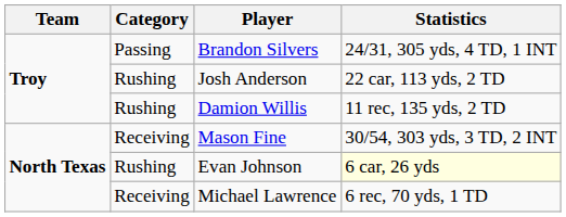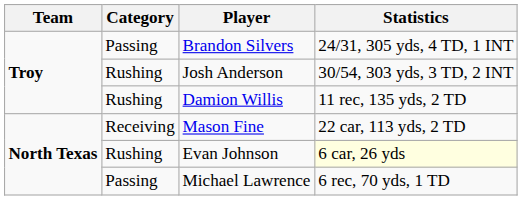 <table class="wikitable">
 <tr>
 <th>Team</th>
 <th>Category</th>
 <th>Player</th>
 <th>Statistics</th>
 </tr>
 <tr>
 <td rowspan=3><strong>Troy</strong></td>
 <td>Passing</td>
 <td><a href='#'>Brandon Silvers</a></td>
 <td>24/31, 305 yds, 4 TD, 1 INT</td>
 </tr>
 <tr>
 <td>Rushing</td>
 <td>Josh Anderson</td>
-<td>22 car, 113 yds, 2 TD</td>
+<td>30/54, 303 yds, 3 TD, 2 INT</td>
 </tr>
 <tr>
 <td>Rushing</td>
 <td><a href='#'>Damion Willis</a></td>
 <td>11 rec, 135 yds, 2 TD</td>
 </tr>
 <tr>
 <td rowspan=3><strong>North Texas</strong></td>
 <td>Receiving</td>
 <td><a href='#'>Mason Fine</a></td>
-<td>30/54, 303 yds, 3 TD, 2 INT</td>
+<td>22 car, 113 yds, 2 TD</td>
 </tr>
 <tr>
 <td>Rushing</td>
 <td>Evan Johnson</td>
 <td style="background: lightyellow;">6 car, 26 yds</td>
 </tr>
 <tr>
-<td>Receiving</td>
+<td>Passing</td>
 <td>Michael Lawrence</td>
 <td>6 rec, 70 yds, 1 TD</td>
 </tr>
 </table>
